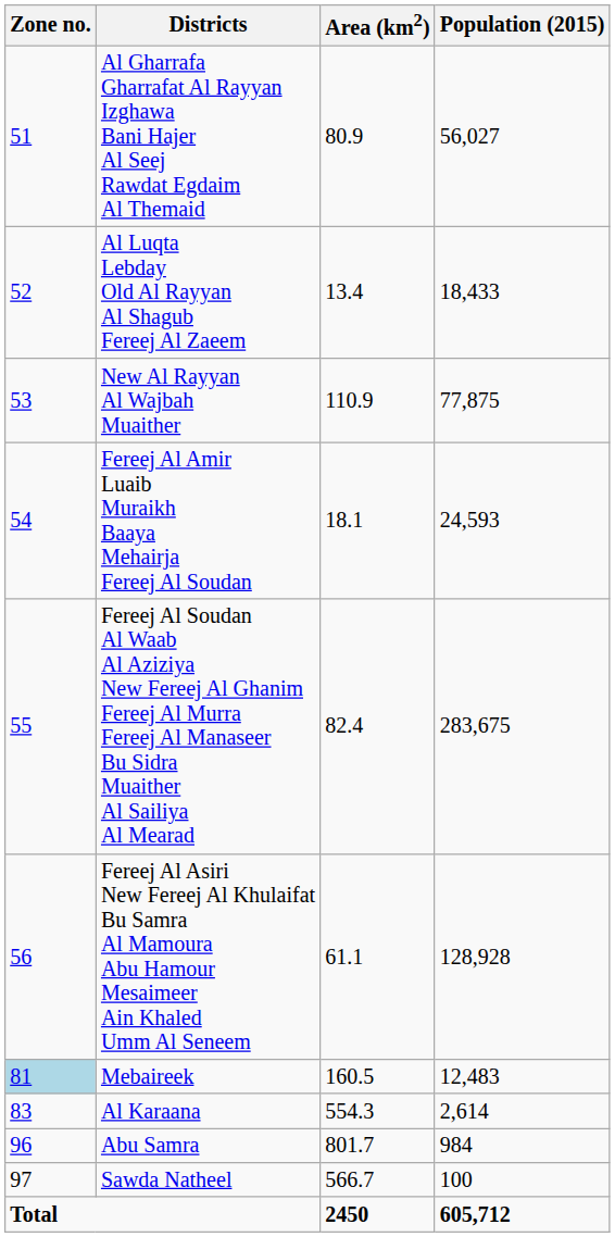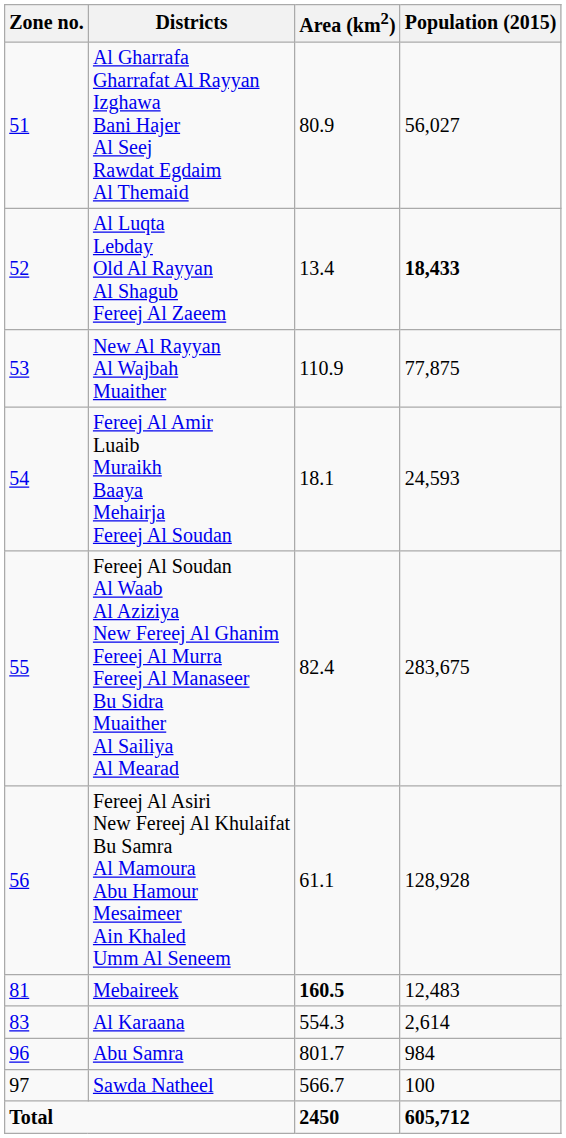 <table class="wikitable">
 <tr>
 <th>Zone no.</th>
 <th>Districts</th>
 <th>Area (km<sup>2</sup>)</th>
 <th>Population (2015)</th>
 </tr>
 <tr>
 <td><a href='#'>51</a></td>
 <td><a href='#'>Al Gharrafa</a> <br> <a href='#'>Gharrafat Al Rayyan</a> <br> <a href='#'>Izghawa</a> <br> <a href='#'>Bani Hajer</a> <br> <a href='#'>Al Seej</a> <br> <a href='#'>Rawdat Egdaim</a> <br> <a href='#'>Al Themaid</a></td>
 <td>80.9</td>
 <td>56,027</td>
 </tr>
 <tr>
 <td><a href='#'>52</a></td>
 <td><a href='#'>Al Luqta</a> <br> <a href='#'>Lebday</a> <br> <a href='#'>Old Al Rayyan</a> <br> <a href='#'>Al Shagub</a> <br> <a href='#'>Fereej Al Zaeem</a></td>
 <td>13.4</td>
-<td>18,433</td>
+<td><strong>18,433</strong></td>
 </tr>
 <tr>
 <td><a href='#'>53</a></td>
 <td><a href='#'>New Al Rayyan</a> <br> <a href='#'>Al Wajbah</a> <br> <a href='#'>Muaither</a></td>
 <td>110.9</td>
 <td>77,875</td>
 </tr>
 <tr>
 <td><a href='#'>54</a></td>
 <td><a href='#'>Fereej Al Amir</a> <br> Luaib <br> <a href='#'>Muraikh</a> <br> <a href='#'>Baaya</a> <br> <a href='#'>Mehairja</a> <br> <a href='#'>Fereej Al Soudan</a></td>
 <td>18.1</td>
 <td>24,593</td>
 </tr>
 <tr>
 <td><a href='#'>55</a></td>
 <td>Fereej Al Soudan <br> <a href='#'>Al Waab</a> <br> <a href='#'>Al Aziziya</a> <br> <a href='#'>New Fereej Al Ghanim</a> <br> <a href='#'>Fereej Al Murra</a> <br> <a href='#'>Fereej Al Manaseer</a> <br> <a href='#'>Bu Sidra</a> <br> <a href='#'>Muaither</a> <br> <a href='#'>Al Sailiya</a> <br> <a href='#'>Al Mearad</a></td>
 <td>82.4</td>
 <td>283,675</td>
 </tr>
 <tr>
 <td><a href='#'>56</a></td>
 <td>Fereej Al Asiri <br> New Fereej Al Khulaifat <br> Bu Samra <br> <a href='#'>Al Mamoura</a> <br> <a href='#'>Abu Hamour</a> <br> <a href='#'>Mesaimeer</a> <br> <a href='#'>Ain Khaled</a> <br> <a href='#'>Umm Al Seneem</a></td>
 <td>61.1</td>
 <td>128,928</td>
 </tr>
 <tr>
-<td style="background: lightblue;"><a href='#'>81</a></td>
+<td><a href='#'>81</a></td>
 <td><a href='#'>Mebaireek</a></td>
-<td>160.5</td>
+<td><strong>160.5</strong></td>
 <td>12,483</td>
 </tr>
 <tr>
 <td><a href='#'>83</a></td>
 <td><a href='#'>Al Karaana</a></td>
 <td>554.3</td>
 <td>2,614</td>
 </tr>
 <tr>
 <td><a href='#'>96</a></td>
 <td><a href='#'>Abu Samra</a></td>
 <td>801.7</td>
 <td>984</td>
 </tr>
 <tr>
 <td>97</td>
 <td><a href='#'>Sawda Natheel</a></td>
 <td>566.7</td>
 <td>100</td>
 </tr>
 <tr>
 <td colspan="2"><strong>Total</strong></td>
 <td><strong>2450</strong></td>
 <td><strong>605,712</strong></td>
 </tr>
 </table>
